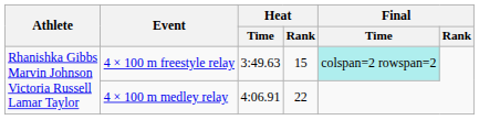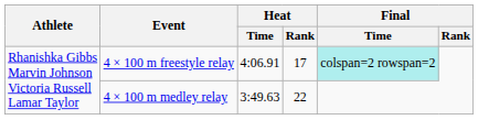 <table class="wikitable" style="text-align:center; font-size:90%">
 <tr>
 <th rowspan="2">Athlete</th>
 <th rowspan="2">Event</th>
 <th colspan="2">Heat</th>
 <th colspan="2">Final</th>
 </tr>
 <tr style="font-size:95%">
 <th>Time</th>
 <th>Rank</th>
 <th>Time</th>
 <th>Rank</th>
 </tr>
 <tr>
 <td align=left rowspan=2><a href='#'>Rhanishka Gibbs</a><br><a href='#'>Marvin Johnson</a><br><a href='#'>Victoria Russell</a><br><a href='#'>Lamar Taylor</a></td>
 <td align=left><a href='#'>4 × 100 m freestyle relay</a></td>
-<td>3:49.63</td>
-<td>15</td>
+<td>4:06.91</td>
+<td>17</td>
 <td style="background: paleturquoise;">colspan=2 rowspan=2 </td>
 </tr>
 <tr>
 <td align=left><a href='#'>4 × 100 m medley relay</a></td>
-<td>4:06.91</td>
+<td>3:49.63</td>
 <td>22</td>
 </tr>
 </table>
